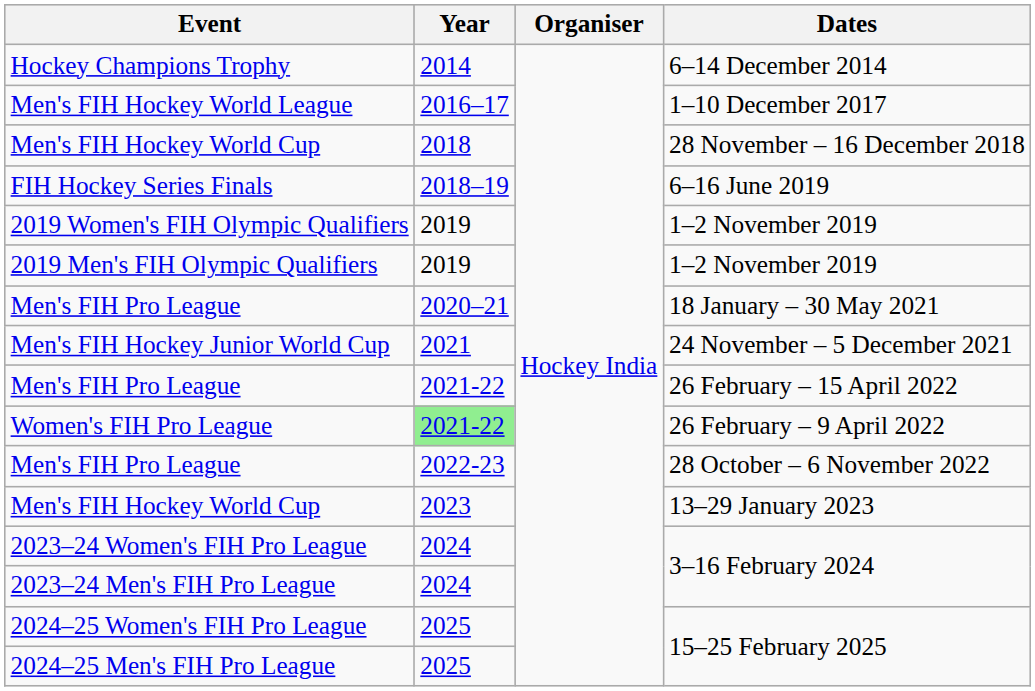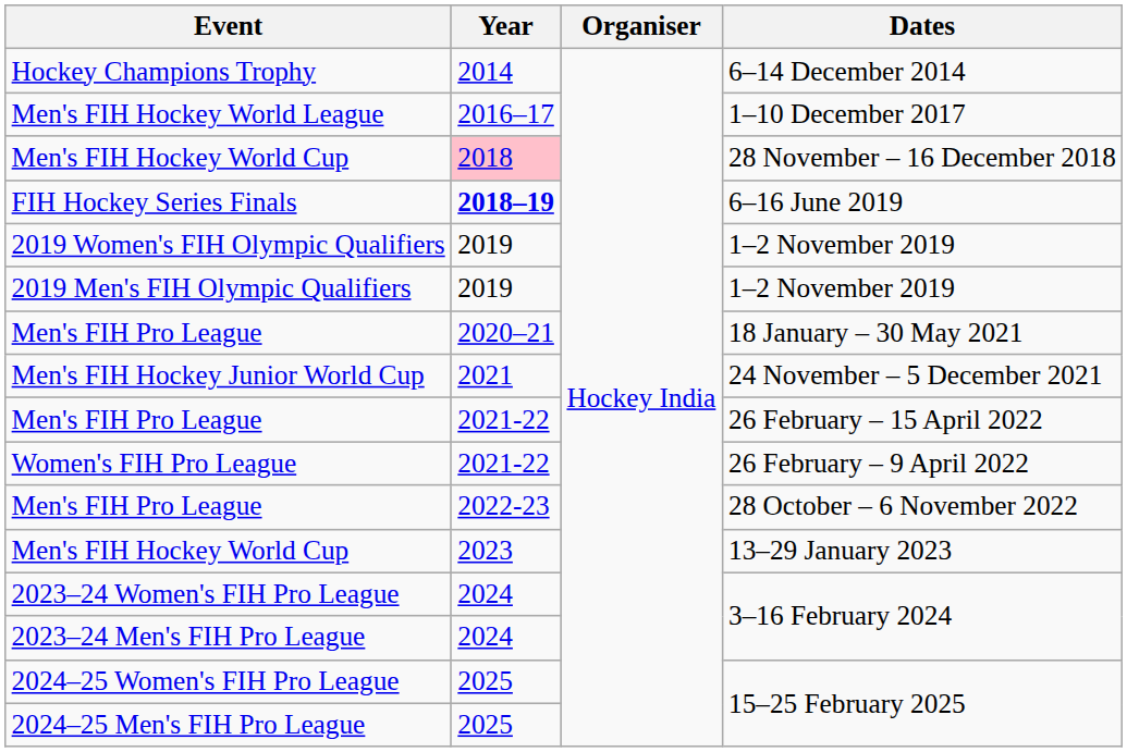 <table class="wikitable">
 <tr>
 <th>Event</th>
 <th>Year</th>
 <th>Organiser</th>
 <th>Dates</th>
 </tr>
 <tr>
 <td><a href='#'>Hockey Champions Trophy</a></td>
 <td><a href='#'>2014</a></td>
 <td rowspan=16><a href='#'>Hockey India</a></td>
 <td>6–14 December 2014</td>
 </tr>
 <tr>
 <td><a href='#'>Men's FIH Hockey World League</a></td>
 <td><a href='#'>2016–17</a></td>
 <td>1–10 December 2017</td>
 </tr>
 <tr>
 <td><a href='#'>Men's FIH Hockey World Cup</a></td>
-<td><a href='#'>2018</a></td>
+<td style="background: pink;"><a href='#'>2018</a></td>
 <td>28 November – 16 December 2018</td>
 </tr>
 <tr>
 <td><a href='#'>FIH Hockey Series Finals</a></td>
-<td><a href='#'>2018–19</a></td>
+<td><strong><a href='#'>2018–19</a></strong></td>
 <td>6–16 June 2019</td>
 </tr>
 <tr>
 <td><a href='#'>2019 Women's FIH Olympic Qualifiers</a></td>
 <td>2019</td>
 <td>1–2 November 2019</td>
 </tr>
 <tr>
 <td><a href='#'>2019 Men's FIH Olympic Qualifiers</a></td>
 <td>2019</td>
 <td>1–2 November 2019</td>
 </tr>
 <tr>
 <td><a href='#'>Men's FIH Pro League</a></td>
 <td><a href='#'>2020–21</a></td>
 <td>18 January – 30 May 2021</td>
 </tr>
 <tr>
 <td><a href='#'>Men's FIH Hockey Junior World Cup</a></td>
 <td><a href='#'>2021</a></td>
 <td>24 November – 5 December 2021</td>
 </tr>
 <tr>
 <td><a href='#'>Men's FIH Pro League</a></td>
 <td><a href='#'>2021-22</a></td>
 <td>26 February – 15 April 2022</td>
 </tr>
 <tr>
 <td><a href='#'>Women's FIH Pro League</a></td>
-<td style="background: lightgreen;"><a href='#'>2021-22</a></td>
+<td><a href='#'>2021-22</a></td>
 <td>26 February – 9 April 2022</td>
 </tr>
 <tr>
 <td><a href='#'>Men's FIH Pro League</a></td>
 <td><a href='#'>2022-23</a></td>
 <td>28 October – 6 November 2022</td>
 </tr>
 <tr>
 <td><a href='#'>Men's FIH Hockey World Cup</a></td>
 <td><a href='#'>2023</a></td>
 <td>13–29 January 2023</td>
 </tr>
 <tr>
 <td><a href='#'>2023–24 Women's FIH Pro League</a></td>
 <td><a href='#'>2024</a></td>
 <td rowspan=2>3–16 February 2024</td>
 </tr>
 <tr>
 <td><a href='#'>2023–24 Men's FIH Pro League</a></td>
 <td><a href='#'>2024</a></td>
 </tr>
 <tr>
 <td><a href='#'>2024–25 Women's FIH Pro League</a></td>
 <td><a href='#'>2025</a></td>
 <td rowspan=2>15–25 February 2025</td>
 </tr>
 <tr>
 <td><a href='#'>2024–25 Men's FIH Pro League</a></td>
 <td><a href='#'>2025</a></td>
 </tr>
 </table>
